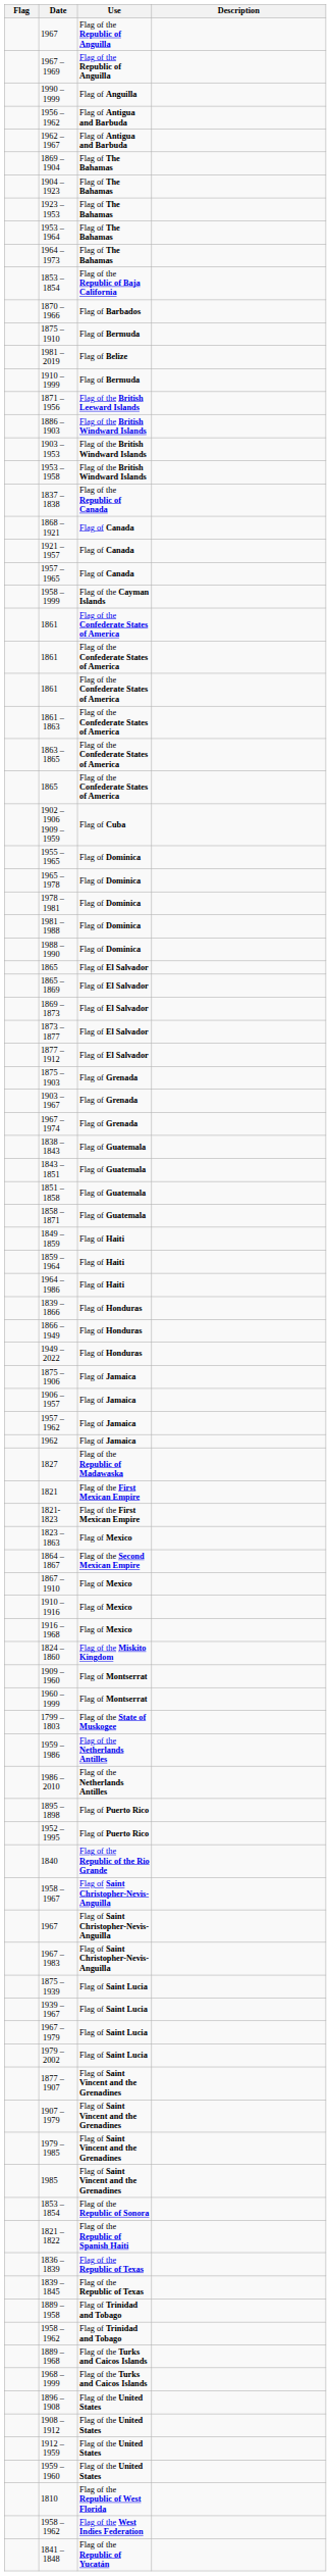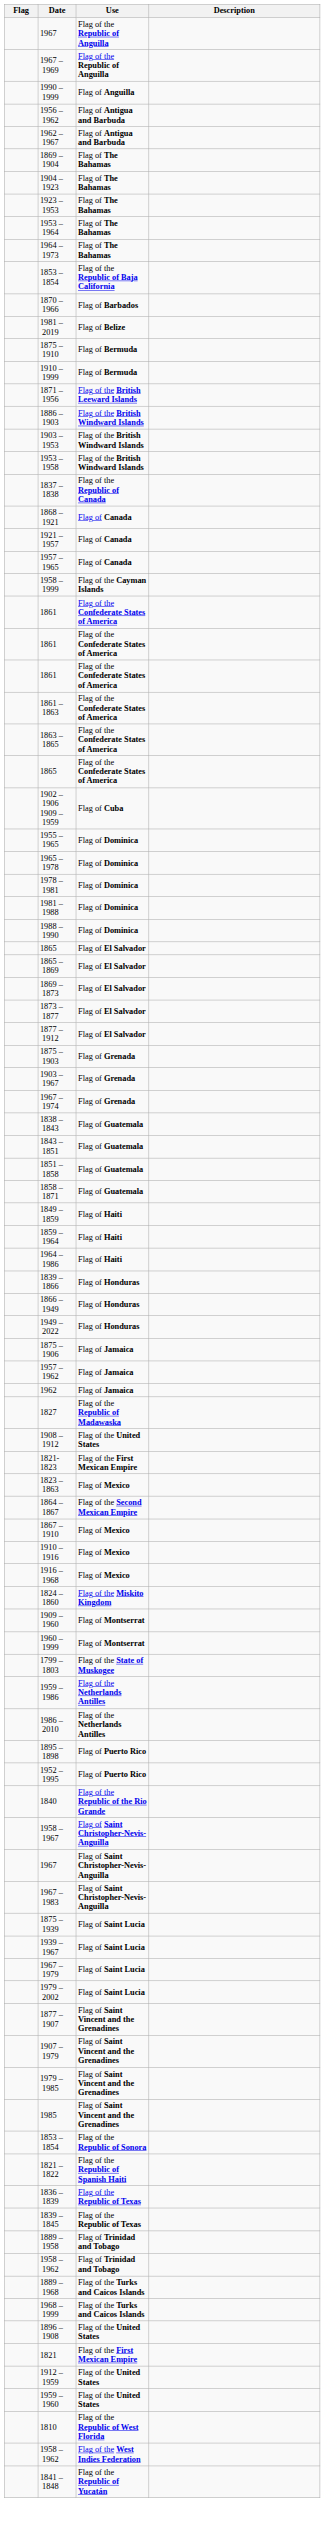 <table class="wikitable">
 <tr>
 <th style="width:100px;">Flag</th>
 <th style="width:100px;">Date</th>
 <th style="width:200px;">Use</th>
 <th style="width:700px;">Description</th>
 </tr>
 <tr>
 <td></td>
 <td>1967</td>
 <td>Flag of the <strong><a href='#'>Republic of Anguilla</a></strong></td>
 <td></td>
 </tr>
 <tr>
 <td></td>
 <td>1967 – 1969</td>
 <td><a href='#'>Flag of the</a> <strong>Republic of Anguilla</strong></td>
 <td></td>
 </tr>
 <tr>
 <td></td>
 <td>1990 – 1999</td>
 <td>Flag of <strong>Anguilla</strong></td>
 <td></td>
 </tr>
 <tr>
 <td></td>
 <td>1956 – 1962</td>
 <td>Flag of <strong>Antigua and Barbuda</strong></td>
 <td></td>
 </tr>
 <tr>
 <td></td>
 <td>1962 – 1967</td>
 <td>Flag of <strong>Antigua and Barbuda</strong></td>
 <td></td>
 </tr>
 <tr>
 <td></td>
 <td>1869 – 1904</td>
 <td>Flag of <strong>The Bahamas</strong></td>
 <td></td>
 </tr>
 <tr>
 <td></td>
 <td>1904 – 1923</td>
 <td>Flag of <strong>The Bahamas</strong></td>
 <td></td>
 </tr>
 <tr>
 <td></td>
 <td>1923 – 1953</td>
 <td>Flag of <strong>The Bahamas</strong></td>
 <td></td>
 </tr>
 <tr>
 <td></td>
 <td>1953 – 1964</td>
 <td>Flag of <strong>The Bahamas</strong></td>
 <td></td>
 </tr>
 <tr>
 <td></td>
 <td>1964 – 1973</td>
 <td>Flag of <strong>The Bahamas</strong></td>
 <td></td>
 </tr>
 <tr>
 <td></td>
 <td>1853 – 1854</td>
 <td>Flag of the <strong><a href='#'>Republic of Baja California</a></strong></td>
 <td></td>
 </tr>
 <tr>
 <td></td>
 <td>1870 – 1966</td>
 <td>Flag of <strong>Barbados</strong></td>
 <td></td>
 </tr>
 <tr>
 <td></td>
-<td>1875 – 1910</td>
-<td>Flag of <strong>Bermuda</strong></td>
+<td>1981 – 2019</td>
+<td>Flag of <strong>Belize</strong></td>
 <td></td>
 </tr>
 <tr>
 <td></td>
-<td>1981 – 2019</td>
-<td>Flag of <strong>Belize</strong></td>
+<td>1875 – 1910</td>
+<td>Flag of <strong>Bermuda</strong></td>
 <td></td>
 </tr>
 <tr>
 <td></td>
 <td>1910 – 1999</td>
 <td>Flag of <strong>Bermuda</strong></td>
 <td></td>
 </tr>
 <tr>
 <td></td>
 <td>1871 – 1956</td>
 <td><a href='#'>Flag of the</a> <strong><a href='#'>British Leeward Islands</a></strong></td>
 <td></td>
 </tr>
 <tr>
 <td></td>
 <td>1886 – 1903</td>
 <td><a href='#'>Flag of the</a> <strong><a href='#'>British Windward Islands</a></strong></td>
 <td></td>
 </tr>
 <tr>
 <td></td>
 <td>1903 – 1953</td>
 <td>Flag of the <strong>British Windward Islands</strong></td>
 <td></td>
 </tr>
 <tr>
 <td></td>
 <td>1953 – 1958</td>
 <td>Flag of the <strong>British Windward Islands</strong></td>
 <td></td>
 </tr>
 <tr>
 <td></td>
 <td>1837 – 1838</td>
 <td>Flag of the <strong><a href='#'>Republic of Canada</a></strong></td>
 <td></td>
 </tr>
 <tr>
 <td></td>
 <td>1868 – 1921</td>
 <td><a href='#'>Flag of</a> <strong>Canada</strong></td>
 <td></td>
 </tr>
 <tr>
 <td></td>
 <td>1921 – 1957</td>
 <td>Flag of <strong>Canada</strong></td>
 <td></td>
 </tr>
 <tr>
 <td></td>
 <td>1957 – 1965</td>
 <td>Flag of <strong>Canada</strong></td>
 <td></td>
 </tr>
 <tr>
 <td></td>
 <td>1958 – 1999</td>
 <td>Flag of the <strong>Cayman Islands</strong></td>
 <td></td>
 </tr>
 <tr>
 <td></td>
 <td>1861</td>
 <td><a href='#'>Flag of the</a> <strong><a href='#'>Confederate States of America</a></strong></td>
 <td></td>
 </tr>
 <tr>
 <td></td>
 <td>1861</td>
 <td>Flag of the <strong>Confederate States of America</strong></td>
 <td></td>
 </tr>
 <tr>
 <td></td>
 <td>1861</td>
 <td>Flag of the <strong>Confederate States of America</strong></td>
 <td></td>
 </tr>
 <tr>
 <td></td>
 <td>1861 – 1863</td>
 <td>Flag of the <strong>Confederate States of America</strong></td>
 <td></td>
 </tr>
 <tr>
 <td></td>
 <td>1863 – 1865</td>
 <td>Flag of the <strong>Confederate States of America</strong></td>
 <td></td>
 </tr>
 <tr>
 <td></td>
 <td>1865</td>
 <td>Flag of the <strong>Confederate States of America</strong></td>
 <td></td>
 </tr>
 <tr>
 <td></td>
 <td>1902 – 1906<br>1909 – 1959</td>
 <td>Flag of <strong>Cuba</strong></td>
 <td></td>
 </tr>
 <tr>
 <td></td>
 <td>1955 – 1965</td>
 <td>Flag of <strong>Dominica</strong></td>
 <td></td>
 </tr>
 <tr>
 <td></td>
 <td>1965 – 1978</td>
 <td>Flag of <strong>Dominica</strong></td>
 <td></td>
 </tr>
 <tr>
 <td></td>
 <td>1978 – 1981</td>
 <td>Flag of <strong>Dominica</strong></td>
 <td></td>
 </tr>
 <tr>
 <td></td>
 <td>1981 – 1988</td>
 <td>Flag of <strong>Dominica</strong></td>
 <td></td>
 </tr>
 <tr>
 <td></td>
 <td>1988 – 1990</td>
 <td>Flag of <strong>Dominica</strong></td>
 <td></td>
 </tr>
 <tr>
 <td></td>
 <td>1865</td>
 <td>Flag of <strong>El Salvador</strong></td>
 <td></td>
 </tr>
 <tr>
 <td></td>
 <td>1865 – 1869</td>
 <td>Flag of <strong>El Salvador</strong></td>
 <td></td>
 </tr>
 <tr>
 <td></td>
 <td>1869 – 1873</td>
 <td>Flag of <strong>El Salvador</strong></td>
 <td></td>
 </tr>
 <tr>
 <td></td>
 <td>1873 – 1877</td>
 <td>Flag of <strong>El Salvador</strong></td>
 <td></td>
 </tr>
 <tr>
 <td></td>
 <td>1877 – 1912</td>
 <td>Flag of <strong>El Salvador</strong></td>
 <td></td>
 </tr>
 <tr>
 <td></td>
 <td>1875 – 1903</td>
 <td>Flag of <strong>Grenada</strong></td>
 <td></td>
 </tr>
 <tr>
 <td></td>
 <td>1903 – 1967</td>
 <td>Flag of <strong>Grenada</strong></td>
 <td></td>
 </tr>
 <tr>
 <td></td>
 <td>1967 – 1974</td>
 <td>Flag of <strong>Grenada</strong></td>
 <td></td>
 </tr>
 <tr>
 <td></td>
 <td>1838 – 1843</td>
 <td>Flag of <strong>Guatemala</strong></td>
 <td></td>
 </tr>
 <tr>
 <td></td>
 <td>1843 – 1851</td>
 <td>Flag of <strong>Guatemala</strong></td>
 <td></td>
 </tr>
 <tr>
 <td></td>
 <td>1851 – 1858</td>
 <td>Flag of <strong>Guatemala</strong></td>
 <td></td>
 </tr>
 <tr>
 <td></td>
 <td>1858 – 1871</td>
 <td>Flag of <strong>Guatemala</strong></td>
 <td></td>
 </tr>
 <tr>
 <td></td>
 <td>1849 – 1859</td>
 <td>Flag of <strong>Haiti</strong></td>
 <td></td>
 </tr>
 <tr>
 <td></td>
 <td>1859 – 1964</td>
 <td>Flag of <strong>Haiti</strong></td>
 <td></td>
 </tr>
 <tr>
 <td></td>
 <td>1964 – 1986</td>
 <td>Flag of <strong>Haiti</strong></td>
 <td></td>
 </tr>
 <tr>
 <td></td>
 <td>1839 – 1866</td>
 <td>Flag of <strong>Honduras</strong></td>
 <td></td>
 </tr>
 <tr>
 <td></td>
 <td>1866 – 1949</td>
 <td>Flag of <strong>Honduras</strong></td>
 <td></td>
 </tr>
 <tr>
 <td></td>
 <td>1949 – 2022</td>
 <td>Flag of <strong>Honduras</strong></td>
 <td></td>
 </tr>
 <tr>
 <td></td>
 <td>1875 – 1906</td>
 <td>Flag of <strong>Jamaica</strong></td>
 <td></td>
 </tr>
 <tr>
 <td></td>
-<td>1906 – 1957</td>
-<td>Flag of <strong>Jamaica</strong></td>
-<td></td>
-</tr>
-<tr>
-<td></td>
 <td>1957 – 1962</td>
 <td>Flag of <strong>Jamaica</strong></td>
 <td></td>
 </tr>
 <tr>
 <td></td>
 <td>1962</td>
 <td>Flag of <strong>Jamaica</strong></td>
 <td></td>
 </tr>
 <tr>
 <td></td>
 <td>1827</td>
 <td>Flag of the <strong><a href='#'>Republic of Madawaska</a></strong></td>
 <td></td>
 </tr>
 <tr>
 <td></td>
-<td>1821</td>
-<td>Flag of the <strong><a href='#'>First Mexican Empire</a></strong></td>
+<td>1908 – 1912</td>
+<td>Flag of the <strong>United States</strong></td>
 <td></td>
 </tr>
 <tr>
 <td></td>
 <td>1821-1823</td>
 <td>Flag of the <strong>First Mexican Empire</strong></td>
 <td></td>
 </tr>
 <tr>
 <td></td>
 <td>1823 – 1863</td>
 <td>Flag of <strong>Mexico</strong></td>
 <td></td>
 </tr>
 <tr>
 <td></td>
 <td>1864 – 1867</td>
 <td>Flag of the <strong><a href='#'>Second Mexican Empire</a></strong></td>
 <td></td>
 </tr>
 <tr>
 <td></td>
 <td>1867 – 1910</td>
 <td>Flag of <strong>Mexico</strong></td>
 <td></td>
 </tr>
 <tr>
 <td></td>
 <td>1910 – 1916</td>
 <td>Flag of <strong>Mexico</strong></td>
 <td></td>
 </tr>
 <tr>
 <td></td>
 <td>1916 – 1968</td>
 <td>Flag of <strong>Mexico</strong></td>
 <td></td>
 </tr>
 <tr>
 <td></td>
 <td>1824 – 1860</td>
 <td><a href='#'>Flag of the</a> <strong><a href='#'>Miskito Kingdom</a></strong></td>
 <td></td>
 </tr>
 <tr>
 <td></td>
 <td>1909 – 1960</td>
 <td>Flag of <strong>Montserrat</strong></td>
 <td></td>
 </tr>
 <tr>
 <td></td>
 <td>1960 – 1999</td>
 <td>Flag of <strong>Montserrat</strong></td>
 <td></td>
 </tr>
 <tr>
 <td></td>
 <td>1799 – 1803</td>
 <td>Flag of the <strong><a href='#'>State of Muskogee</a></strong></td>
 <td></td>
 </tr>
 <tr>
 <td></td>
 <td>1959 – 1986</td>
 <td><a href='#'>Flag of the</a> <strong><a href='#'>Netherlands Antilles</a></strong></td>
 <td></td>
 </tr>
 <tr>
 <td></td>
 <td>1986 – 2010</td>
 <td>Flag of the <strong>Netherlands Antilles</strong></td>
 <td></td>
 </tr>
 <tr>
 <td></td>
 <td>1895 – 1898</td>
 <td>Flag of <strong>Puerto Rico</strong></td>
 <td></td>
 </tr>
 <tr>
 <td></td>
 <td>1952 – 1995</td>
 <td>Flag of <strong>Puerto Rico</strong></td>
 <td></td>
 </tr>
 <tr>
 <td></td>
 <td>1840</td>
 <td><a href='#'>Flag of the</a> <strong><a href='#'>Republic of the Rio Grande</a></strong></td>
 <td></td>
 </tr>
 <tr>
 <td></td>
 <td>1958 – 1967</td>
 <td><a href='#'>Flag of</a> <strong><a href='#'>Saint Christopher-Nevis-Anguilla</a></strong></td>
 <td></td>
 </tr>
 <tr>
 <td></td>
 <td>1967</td>
 <td>Flag of <strong>Saint Christopher-Nevis-Anguilla</strong></td>
 <td></td>
 </tr>
 <tr>
 <td></td>
 <td>1967 – 1983</td>
 <td>Flag of <strong>Saint Christopher-Nevis-Anguilla</strong></td>
 <td></td>
 </tr>
 <tr>
 <td></td>
 <td>1875 – 1939</td>
 <td>Flag of <strong>Saint Lucia</strong></td>
 <td></td>
 </tr>
 <tr>
 <td></td>
 <td>1939 – 1967</td>
 <td>Flag of <strong>Saint Lucia</strong></td>
 <td></td>
 </tr>
 <tr>
 <td></td>
 <td>1967 – 1979</td>
 <td>Flag of <strong>Saint Lucia</strong></td>
 <td></td>
 </tr>
 <tr>
 <td></td>
 <td>1979 – 2002</td>
 <td>Flag of <strong>Saint Lucia</strong></td>
 <td></td>
 </tr>
 <tr>
 <td></td>
 <td>1877 – 1907</td>
 <td>Flag of <strong>Saint Vincent and the Grenadines</strong></td>
 <td></td>
 </tr>
 <tr>
 <td></td>
 <td>1907 – 1979</td>
 <td>Flag of <strong>Saint Vincent and the Grenadines</strong></td>
 <td></td>
 </tr>
 <tr>
 <td></td>
 <td>1979 – 1985</td>
 <td>Flag of <strong>Saint Vincent and the Grenadines</strong></td>
 <td></td>
 </tr>
 <tr>
 <td></td>
 <td>1985</td>
 <td>Flag of <strong>Saint Vincent and the Grenadines</strong></td>
 <td></td>
 </tr>
 <tr>
 <td></td>
 <td>1853 – 1854</td>
 <td>Flag of the <strong><a href='#'>Republic of Sonora</a></strong></td>
 <td></td>
 </tr>
 <tr>
 <td></td>
 <td>1821 – 1822</td>
 <td>Flag of the <strong><a href='#'>Republic of Spanish Haiti</a></strong></td>
 <td></td>
 </tr>
 <tr>
 <td></td>
 <td>1836 – 1839</td>
 <td><a href='#'>Flag of the</a> <strong><a href='#'>Republic of Texas</a></strong></td>
 <td></td>
 </tr>
 <tr>
 <td></td>
 <td>1839 – 1845</td>
 <td>Flag of the <strong>Republic of Texas</strong></td>
 <td></td>
 </tr>
 <tr>
 <td></td>
 <td>1889 – 1958</td>
 <td>Flag of <strong>Trinidad and Tobago</strong></td>
 <td></td>
 </tr>
 <tr>
 <td></td>
 <td>1958 – 1962</td>
 <td>Flag of <strong>Trinidad and Tobago</strong></td>
 <td></td>
 </tr>
 <tr>
 <td></td>
 <td>1889 – 1968</td>
 <td>Flag of the <strong>Turks and Caicos Islands</strong></td>
 <td></td>
 </tr>
 <tr>
 <td></td>
 <td>1968 – 1999</td>
 <td>Flag of the <strong>Turks and Caicos Islands</strong></td>
 <td></td>
 </tr>
 <tr>
 <td></td>
 <td>1896 – 1908</td>
 <td>Flag of the <strong>United States</strong></td>
 <td></td>
 </tr>
 <tr>
 <td></td>
-<td>1908 – 1912</td>
-<td>Flag of the <strong>United States</strong></td>
+<td>1821</td>
+<td>Flag of the <strong><a href='#'>First Mexican Empire</a></strong></td>
 <td></td>
 </tr>
 <tr>
 <td></td>
 <td>1912 – 1959</td>
 <td>Flag of the <strong>United States</strong></td>
 <td></td>
 </tr>
 <tr>
 <td></td>
 <td>1959 – 1960</td>
 <td>Flag of the <strong>United States</strong></td>
 <td></td>
 </tr>
 <tr>
 <td></td>
 <td>1810</td>
 <td>Flag of the <strong><a href='#'>Republic of West Florida</a></strong></td>
 <td></td>
 </tr>
 <tr>
 <td></td>
 <td>1958 – 1962</td>
 <td><a href='#'>Flag of the</a> <strong><a href='#'>West Indies Federation</a></strong></td>
 <td></td>
 </tr>
 <tr>
 <td></td>
 <td>1841 – 1848</td>
 <td>Flag of the <strong><a href='#'>Republic of Yucatán</a></strong></td>
 <td></td>
 </tr>
 </table>
